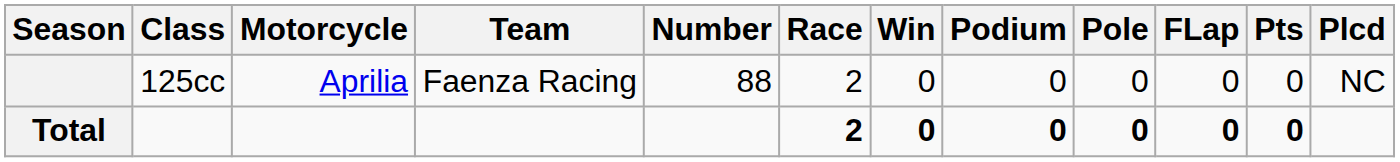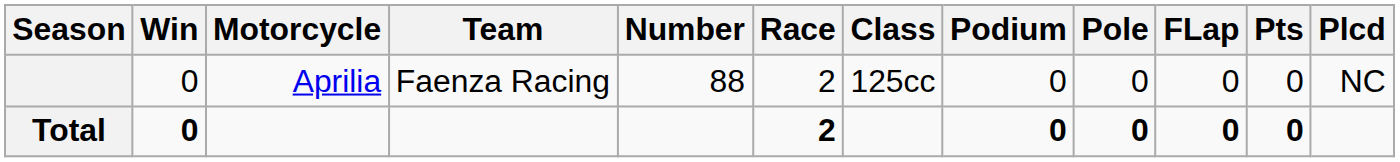 <table class="wikitable">
 <tr>
 <th>Season</th>
-<th>Class</th>
+<th>Win</th>
 <th>Motorcycle</th>
 <th>Team</th>
 <th>Number</th>
 <th>Race</th>
-<th>Win</th>
+<th>Class</th>
 <th>Podium</th>
 <th>Pole</th>
 <th>FLap</th>
 <th>Pts</th>
 <th>Plcd</th>
 </tr>
 <tr align="right">
 <th></th>
-<td>125cc</td>
+<td>0</td>
 <td><a href='#'>Aprilia</a></td>
 <td>Faenza Racing</td>
 <td>88</td>
 <td>2</td>
-<td>0</td>
+<td>125cc</td>
 <td>0</td>
 <td>0</td>
 <td>0</td>
 <td>0</td>
 <td>NC</td>
 </tr>
 <tr align="right">
 <th>Total</th>
-<td></td>
+<td><strong>0</strong></td>
 <td></td>
 <td></td>
 <td></td>
 <td><strong>2</strong></td>
-<td><strong>0</strong></td>
+<td></td>
 <td><strong>0</strong></td>
 <td><strong>0</strong></td>
 <td><strong>0</strong></td>
 <td><strong>0</strong></td>
 <td></td>
 </tr>
 </table>
